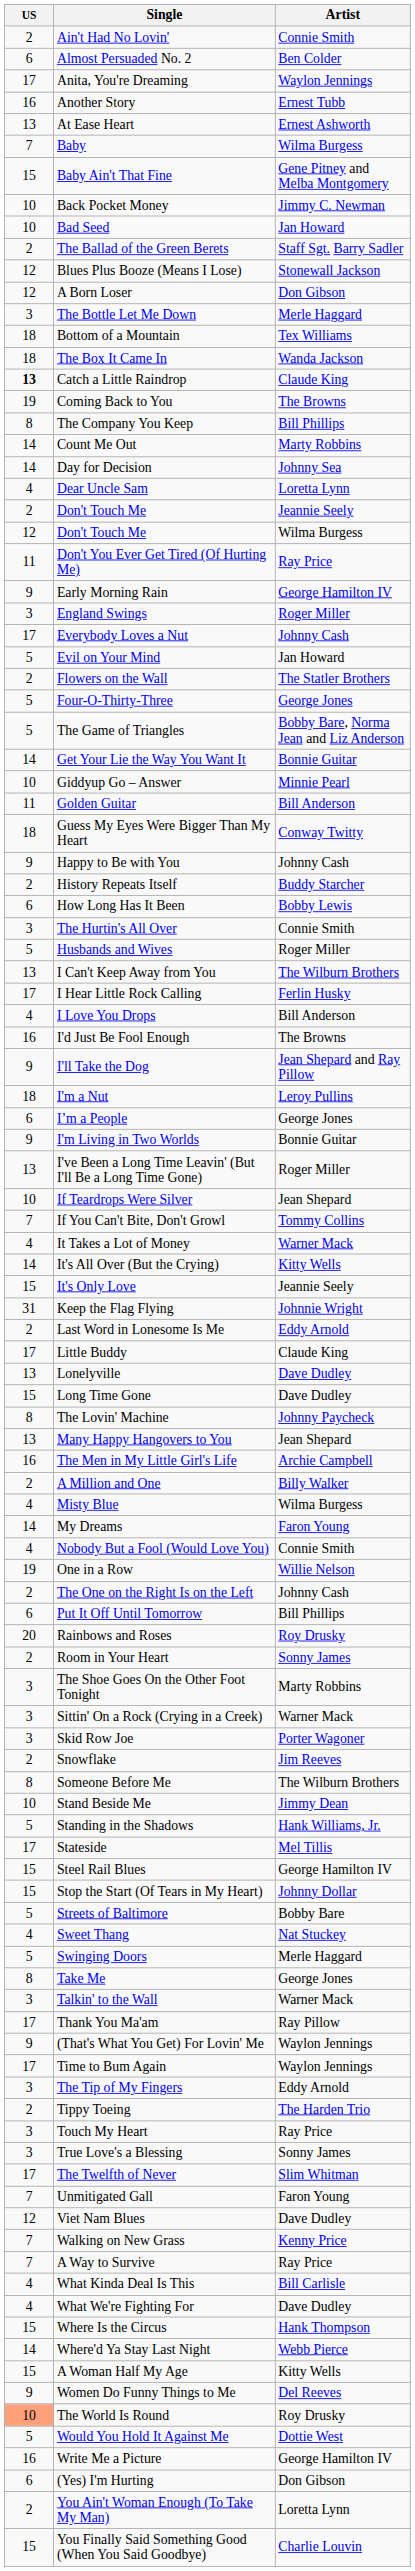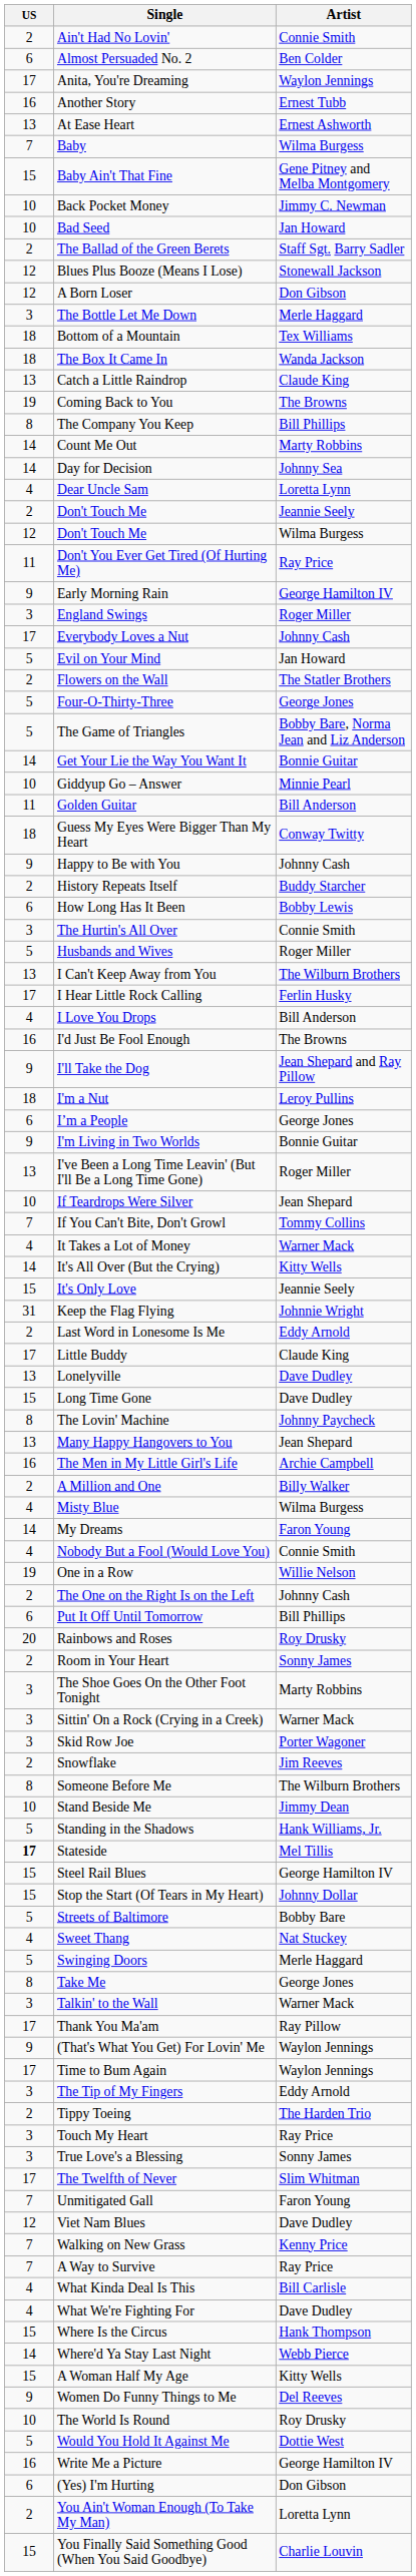 <table class="wikitable sortable">
 <tr>
 <th width="50"><small>US</small></th>
 <th width="250">Single</th>
 <th width="150">Artist</th>
 </tr>
 <tr>
 <td align="center">2</td>
 <td><a href='#'>Ain't Had No Lovin'</a></td>
 <td><a href='#'>Connie Smith</a></td>
 </tr>
 <tr>
 <td align="center">6</td>
 <td><a href='#'>Almost Persuaded</a> No. 2</td>
 <td><a href='#'>Ben Colder</a></td>
 </tr>
 <tr>
 <td align="center">17</td>
 <td>Anita, You're Dreaming</td>
 <td><a href='#'>Waylon Jennings</a></td>
 </tr>
 <tr>
 <td align="center">16</td>
 <td>Another Story</td>
 <td><a href='#'>Ernest Tubb</a></td>
 </tr>
 <tr>
 <td align="center">13</td>
 <td>At Ease Heart</td>
 <td><a href='#'>Ernest Ashworth</a></td>
 </tr>
 <tr>
 <td align="center">7</td>
 <td><a href='#'>Baby</a></td>
 <td><a href='#'>Wilma Burgess</a></td>
 </tr>
 <tr>
 <td align="center">15</td>
 <td><a href='#'>Baby Ain't That Fine</a></td>
 <td><a href='#'>Gene Pitney</a> and <a href='#'>Melba Montgomery</a></td>
 </tr>
 <tr>
 <td align="center">10</td>
 <td>Back Pocket Money</td>
 <td><a href='#'>Jimmy C. Newman</a></td>
 </tr>
 <tr>
 <td align="center">10</td>
 <td><a href='#'>Bad Seed</a></td>
 <td><a href='#'>Jan Howard</a></td>
 </tr>
 <tr>
 <td align="center">2</td>
 <td><a href='#'>The Ballad of the Green Berets</a></td>
 <td><a href='#'>Staff Sgt.</a> <a href='#'>Barry Sadler</a></td>
 </tr>
 <tr>
 <td align="center">12</td>
 <td>Blues Plus Booze (Means I Lose)</td>
 <td><a href='#'>Stonewall Jackson</a></td>
 </tr>
 <tr>
 <td align="center">12</td>
 <td>A Born Loser</td>
 <td><a href='#'>Don Gibson</a></td>
 </tr>
 <tr>
 <td align="center">3</td>
 <td><a href='#'>The Bottle Let Me Down</a></td>
 <td><a href='#'>Merle Haggard</a></td>
 </tr>
 <tr>
 <td align="center">18</td>
 <td>Bottom of a Mountain</td>
 <td><a href='#'>Tex Williams</a></td>
 </tr>
 <tr>
 <td align="center">18</td>
 <td><a href='#'>The Box It Came In</a></td>
 <td><a href='#'>Wanda Jackson</a></td>
 </tr>
 <tr>
-<td align="center"><strong>13</strong></td>
+<td align="center">13</td>
 <td>Catch a Little Raindrop</td>
 <td><a href='#'>Claude King</a></td>
 </tr>
 <tr>
 <td align="center">19</td>
 <td>Coming Back to You</td>
 <td><a href='#'>The Browns</a></td>
 </tr>
 <tr>
 <td align="center">8</td>
 <td>The Company You Keep</td>
 <td><a href='#'>Bill Phillips</a></td>
 </tr>
 <tr>
 <td align="center">14</td>
 <td>Count Me Out</td>
 <td><a href='#'>Marty Robbins</a></td>
 </tr>
 <tr>
 <td align="center">14</td>
 <td>Day for Decision</td>
 <td><a href='#'>Johnny Sea</a></td>
 </tr>
 <tr>
 <td align="center">4</td>
 <td><a href='#'>Dear Uncle Sam</a></td>
 <td><a href='#'>Loretta Lynn</a></td>
 </tr>
 <tr>
 <td align="center">2</td>
 <td><a href='#'>Don't Touch Me</a></td>
 <td><a href='#'>Jeannie Seely</a></td>
 </tr>
 <tr>
 <td align="center">12</td>
 <td><a href='#'>Don't Touch Me</a></td>
 <td>Wilma Burgess</td>
 </tr>
 <tr>
 <td align="center">11</td>
 <td><a href='#'>Don't You Ever Get Tired (Of Hurting Me)</a></td>
 <td><a href='#'>Ray Price</a></td>
 </tr>
 <tr>
 <td align="center">9</td>
 <td>Early Morning Rain</td>
 <td><a href='#'>George Hamilton IV</a></td>
 </tr>
 <tr>
 <td align="center">3</td>
 <td><a href='#'>England Swings</a></td>
 <td><a href='#'>Roger Miller</a></td>
 </tr>
 <tr>
 <td align="center">17</td>
 <td><a href='#'>Everybody Loves a Nut</a></td>
 <td><a href='#'>Johnny Cash</a></td>
 </tr>
 <tr>
 <td align="center">5</td>
 <td><a href='#'>Evil on Your Mind</a></td>
 <td>Jan Howard</td>
 </tr>
 <tr>
 <td align="center">2</td>
 <td><a href='#'>Flowers on the Wall</a></td>
 <td><a href='#'>The Statler Brothers</a></td>
 </tr>
 <tr>
 <td align="center">5</td>
 <td><a href='#'>Four-O-Thirty-Three</a></td>
 <td><a href='#'>George Jones</a></td>
 </tr>
 <tr>
 <td align="center">5</td>
 <td>The Game of Triangles</td>
 <td><a href='#'>Bobby Bare</a>, <a href='#'>Norma Jean</a> and <a href='#'>Liz Anderson</a></td>
 </tr>
 <tr>
 <td align="center">14</td>
 <td><a href='#'>Get Your Lie the Way You Want It</a></td>
 <td><a href='#'>Bonnie Guitar</a></td>
 </tr>
 <tr>
 <td align="center">10</td>
 <td>Giddyup Go – Answer</td>
 <td><a href='#'>Minnie Pearl</a></td>
 </tr>
 <tr>
 <td align="center">11</td>
 <td><a href='#'>Golden Guitar</a></td>
 <td><a href='#'>Bill Anderson</a></td>
 </tr>
 <tr>
 <td align="center">18</td>
 <td>Guess My Eyes Were Bigger Than My Heart</td>
 <td><a href='#'>Conway Twitty</a></td>
 </tr>
 <tr>
 <td align="center">9</td>
 <td>Happy to Be with You</td>
 <td>Johnny Cash</td>
 </tr>
 <tr>
 <td align="center">2</td>
 <td>History Repeats Itself</td>
 <td><a href='#'>Buddy Starcher</a></td>
 </tr>
 <tr>
 <td align="center">6</td>
 <td>How Long Has It Been</td>
 <td><a href='#'>Bobby Lewis</a></td>
 </tr>
 <tr>
 <td align="center">3</td>
 <td><a href='#'>The Hurtin's All Over</a></td>
 <td>Connie Smith</td>
 </tr>
 <tr>
 <td align="center">5</td>
 <td><a href='#'>Husbands and Wives</a></td>
 <td>Roger Miller</td>
 </tr>
 <tr>
 <td align="center">13</td>
 <td>I Can't Keep Away from You</td>
 <td><a href='#'>The Wilburn Brothers</a></td>
 </tr>
 <tr>
 <td align="center">17</td>
 <td>I Hear Little Rock Calling</td>
 <td><a href='#'>Ferlin Husky</a></td>
 </tr>
 <tr>
 <td align="center">4</td>
 <td><a href='#'>I Love You Drops</a></td>
 <td>Bill Anderson</td>
 </tr>
 <tr>
 <td align="center">16</td>
 <td>I'd Just Be Fool Enough</td>
 <td>The Browns</td>
 </tr>
 <tr>
 <td align="center">9</td>
 <td><a href='#'>I'll Take the Dog</a></td>
 <td><a href='#'>Jean Shepard</a> and <a href='#'>Ray Pillow</a></td>
 </tr>
 <tr>
 <td align="center">18</td>
 <td><a href='#'>I'm a Nut</a></td>
 <td><a href='#'>Leroy Pullins</a></td>
 </tr>
 <tr>
 <td align="center">6</td>
 <td><a href='#'>I’m a People</a></td>
 <td>George Jones</td>
 </tr>
 <tr>
 <td align="center">9</td>
 <td><a href='#'>I'm Living in Two Worlds</a></td>
 <td>Bonnie Guitar</td>
 </tr>
 <tr>
 <td align="center">13</td>
 <td>I've Been a Long Time Leavin' (But I'll Be a Long Time Gone)</td>
 <td>Roger Miller</td>
 </tr>
 <tr>
 <td align="center">10</td>
 <td><a href='#'>If Teardrops Were Silver</a></td>
 <td>Jean Shepard</td>
 </tr>
 <tr>
 <td align="center">7</td>
 <td>If You Can't Bite, Don't Growl</td>
 <td><a href='#'>Tommy Collins</a></td>
 </tr>
 <tr>
 <td align="center">4</td>
 <td>It Takes a Lot of Money</td>
 <td><a href='#'>Warner Mack</a></td>
 </tr>
 <tr>
 <td align="center">14</td>
 <td>It's All Over (But the Crying)</td>
 <td><a href='#'>Kitty Wells</a></td>
 </tr>
 <tr>
 <td align="center">15</td>
 <td><a href='#'>It's Only Love</a></td>
 <td>Jeannie Seely</td>
 </tr>
 <tr>
 <td align="center">31</td>
 <td>Keep the Flag Flying</td>
 <td><a href='#'>Johnnie Wright</a></td>
 </tr>
 <tr>
 <td align="center">2</td>
 <td>Last Word in Lonesome Is Me</td>
 <td><a href='#'>Eddy Arnold</a></td>
 </tr>
 <tr>
 <td align="center">17</td>
 <td>Little Buddy</td>
 <td>Claude King</td>
 </tr>
 <tr>
 <td align="center">13</td>
 <td>Lonelyville</td>
 <td><a href='#'>Dave Dudley</a></td>
 </tr>
 <tr>
 <td align="center">15</td>
 <td>Long Time Gone</td>
 <td>Dave Dudley</td>
 </tr>
 <tr>
 <td align="center">8</td>
 <td>The Lovin' Machine</td>
 <td><a href='#'>Johnny Paycheck</a></td>
 </tr>
 <tr>
 <td align="center">13</td>
 <td><a href='#'>Many Happy Hangovers to You</a></td>
 <td>Jean Shepard</td>
 </tr>
 <tr>
 <td align="center">16</td>
 <td><a href='#'>The Men in My Little Girl's Life</a></td>
 <td><a href='#'>Archie Campbell</a></td>
 </tr>
 <tr>
 <td align="center">2</td>
 <td><a href='#'>A Million and One</a></td>
 <td><a href='#'>Billy Walker</a></td>
 </tr>
 <tr>
 <td align="center">4</td>
 <td><a href='#'>Misty Blue</a></td>
 <td>Wilma Burgess</td>
 </tr>
 <tr>
 <td align="center">14</td>
 <td>My Dreams</td>
 <td><a href='#'>Faron Young</a></td>
 </tr>
 <tr>
 <td align="center">4</td>
 <td><a href='#'>Nobody But a Fool (Would Love You)</a></td>
 <td>Connie Smith</td>
 </tr>
 <tr>
 <td align="center">19</td>
 <td>One in a Row</td>
 <td><a href='#'>Willie Nelson</a></td>
 </tr>
 <tr>
 <td align="center">2</td>
 <td><a href='#'>The One on the Right Is on the Left</a></td>
 <td>Johnny Cash</td>
 </tr>
 <tr>
 <td align="center">6</td>
 <td><a href='#'>Put It Off Until Tomorrow</a></td>
 <td>Bill Phillips</td>
 </tr>
 <tr>
 <td align="center">20</td>
 <td>Rainbows and Roses</td>
 <td><a href='#'>Roy Drusky</a></td>
 </tr>
 <tr>
 <td align="center">2</td>
 <td>Room in Your Heart</td>
 <td><a href='#'>Sonny James</a></td>
 </tr>
 <tr>
 <td align="center">3</td>
 <td>The Shoe Goes On the Other Foot Tonight</td>
 <td>Marty Robbins</td>
 </tr>
 <tr>
 <td align="center">3</td>
 <td>Sittin' On a Rock (Crying in a Creek)</td>
 <td>Warner Mack</td>
 </tr>
 <tr>
 <td align="center">3</td>
 <td>Skid Row Joe</td>
 <td><a href='#'>Porter Wagoner</a></td>
 </tr>
 <tr>
 <td align="center">2</td>
 <td>Snowflake</td>
 <td><a href='#'>Jim Reeves</a></td>
 </tr>
 <tr>
 <td align="center">8</td>
 <td>Someone Before Me</td>
 <td>The Wilburn Brothers</td>
 </tr>
 <tr>
 <td align="center">10</td>
 <td>Stand Beside Me</td>
 <td><a href='#'>Jimmy Dean</a></td>
 </tr>
 <tr>
 <td align="center">5</td>
 <td>Standing in the Shadows</td>
 <td><a href='#'>Hank Williams, Jr.</a></td>
 </tr>
 <tr>
-<td align="center">17</td>
+<td align="center"><strong>17</strong></td>
 <td>Stateside</td>
 <td><a href='#'>Mel Tillis</a></td>
 </tr>
 <tr>
 <td align="center">15</td>
 <td>Steel Rail Blues</td>
 <td>George Hamilton IV</td>
 </tr>
 <tr>
 <td align="center">15</td>
 <td>Stop the Start (Of Tears in My Heart)</td>
 <td><a href='#'>Johnny Dollar</a></td>
 </tr>
 <tr>
 <td align="center">5</td>
 <td><a href='#'>Streets of Baltimore</a></td>
 <td>Bobby Bare</td>
 </tr>
 <tr>
 <td align="center">4</td>
 <td><a href='#'>Sweet Thang</a></td>
 <td><a href='#'>Nat Stuckey</a></td>
 </tr>
 <tr>
 <td align="center">5</td>
 <td><a href='#'>Swinging Doors</a></td>
 <td>Merle Haggard</td>
 </tr>
 <tr>
 <td align="center">8</td>
 <td><a href='#'>Take Me</a></td>
 <td>George Jones</td>
 </tr>
 <tr>
 <td align="center">3</td>
 <td><a href='#'>Talkin' to the Wall</a></td>
 <td>Warner Mack</td>
 </tr>
 <tr>
 <td align="center">17</td>
 <td>Thank You Ma'am</td>
 <td>Ray Pillow</td>
 </tr>
 <tr>
 <td align="center">9</td>
 <td>(That's What You Get) For Lovin' Me</td>
 <td>Waylon Jennings</td>
 </tr>
 <tr>
 <td align="center">17</td>
 <td>Time to Bum Again</td>
 <td>Waylon Jennings</td>
 </tr>
 <tr>
 <td align="center">3</td>
 <td><a href='#'>The Tip of My Fingers</a></td>
 <td>Eddy Arnold</td>
 </tr>
 <tr>
 <td align="center">2</td>
 <td>Tippy Toeing</td>
 <td><a href='#'>The Harden Trio</a></td>
 </tr>
 <tr>
 <td align="center">3</td>
 <td>Touch My Heart</td>
 <td>Ray Price</td>
 </tr>
 <tr>
 <td align="center">3</td>
 <td>True Love's a Blessing</td>
 <td>Sonny James</td>
 </tr>
 <tr>
 <td align="center">17</td>
 <td><a href='#'>The Twelfth of Never</a></td>
 <td><a href='#'>Slim Whitman</a></td>
 </tr>
 <tr>
 <td align="center">7</td>
 <td>Unmitigated Gall</td>
 <td>Faron Young</td>
 </tr>
 <tr>
 <td align="center">12</td>
 <td>Viet Nam Blues</td>
 <td>Dave Dudley</td>
 </tr>
 <tr>
 <td align="center">7</td>
 <td>Walking on New Grass</td>
 <td><a href='#'>Kenny Price</a></td>
 </tr>
 <tr>
 <td align="center">7</td>
 <td>A Way to Survive</td>
 <td>Ray Price</td>
 </tr>
 <tr>
 <td align="center">4</td>
 <td>What Kinda Deal Is This</td>
 <td><a href='#'>Bill Carlisle</a></td>
 </tr>
 <tr>
 <td align="center">4</td>
 <td>What We're Fighting For</td>
 <td>Dave Dudley</td>
 </tr>
 <tr>
 <td align="center">15</td>
 <td>Where Is the Circus</td>
 <td><a href='#'>Hank Thompson</a></td>
 </tr>
 <tr>
 <td align="center">14</td>
 <td>Where'd Ya Stay Last Night</td>
 <td><a href='#'>Webb Pierce</a></td>
 </tr>
 <tr>
 <td align="center">15</td>
 <td>A Woman Half My Age</td>
 <td>Kitty Wells</td>
 </tr>
 <tr>
 <td align="center">9</td>
 <td>Women Do Funny Things to Me</td>
 <td><a href='#'>Del Reeves</a></td>
 </tr>
 <tr>
-<td align="center" style="background: lightsalmon;">10</td>
+<td align="center">10</td>
 <td>The World Is Round</td>
 <td>Roy Drusky</td>
 </tr>
 <tr>
 <td align="center">5</td>
 <td><a href='#'>Would You Hold It Against Me</a></td>
 <td><a href='#'>Dottie West</a></td>
 </tr>
 <tr>
 <td align="center">16</td>
 <td>Write Me a Picture</td>
 <td>George Hamilton IV</td>
 </tr>
 <tr>
 <td align="center">6</td>
 <td>(Yes) I'm Hurting</td>
 <td>Don Gibson</td>
 </tr>
 <tr>
 <td align="center">2</td>
 <td><a href='#'>You Ain't Woman Enough (To Take My Man)</a></td>
 <td>Loretta Lynn</td>
 </tr>
 <tr>
 <td align="center">15</td>
 <td>You Finally Said Something Good (When You Said Goodbye)</td>
 <td><a href='#'>Charlie Louvin</a></td>
 </tr>
 </table>
